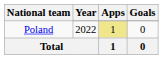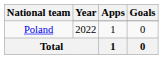 <table class="wikitable" style="text-align:center">
 <tr>
 <th>National team</th>
 <th>Year</th>
 <th>Apps</th>
 <th>Goals</th>
 </tr>
 <tr>
 <td rowspan="2"><a href='#'>Poland</a></td>
 </tr>
 <tr>
 <td>2022</td>
-<td style="background: khaki;">1</td>
+<td>1</td>
 <td>0</td>
 </tr>
 <tr>
 <th colspan="2">Total</th>
 <th>1</th>
 <th>0</th>
 </tr>
 </table>
